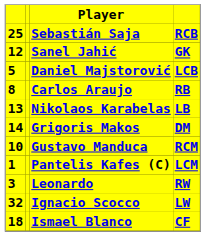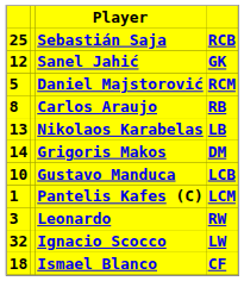 <table class="toccolours" border="0" cellpadding="2" cellspacing="0" align="center" style="margin: 0.5em 0 1em 1em; background: #000000; border: 1px #aaaaaa solid;">
 <tr bgcolor=#FFFF00>
 <th></th>
 <th></th>
 <th>Player</th>
 <th></th>
 </tr>
 <tr bgcolor=#FFFF00>
 <td><strong>25</strong></td>
 <td></td>
 <td><a href='#'><span><strong>Sebastián Saja</strong></span></a></td>
 <td><a href='#'><strong>RCB</strong></a></td>
 </tr>
 <tr bgcolor=#FFFF00>
 <td><strong>12</strong></td>
 <td></td>
 <td><a href='#'><span><strong>Sanel Jahić</strong></span></a></td>
 <td><a href='#'><strong>GK</strong></a></td>
 </tr>
 <tr bgcolor=#FFFF00>
 <td><strong>5</strong></td>
 <td></td>
 <td><a href='#'><span><strong>Daniel Majstorović</strong></span></a></td>
-<td><a href='#'><strong>LCB</strong></a></td>
+<td><a href='#'><strong>RCM</strong></a></td>
 </tr>
 <tr bgcolor=#FFFF00>
 <td><strong>8</strong></td>
 <td></td>
 <td><a href='#'><span><strong>Carlos Araujo</strong></span></a></td>
 <td><a href='#'><strong>RB</strong></a></td>
 </tr>
 <tr bgcolor=#FFFF00>
 <td><strong>13</strong></td>
 <td></td>
 <td><a href='#'><span><strong>Nikolaos Karabelas</strong></span></a></td>
 <td><a href='#'><strong>LB</strong></a></td>
 </tr>
 <tr bgcolor=#FFFF00>
 <td><strong>14</strong></td>
 <td></td>
 <td><a href='#'><span><strong>Grigoris Makos</strong></span></a></td>
 <td><a href='#'><strong>DM</strong></a></td>
 </tr>
 <tr bgcolor=#FFFF00>
 <td><strong>10</strong></td>
 <td></td>
 <td><a href='#'><span><strong>Gustavo Manduca</strong></span></a></td>
-<td><a href='#'><strong>RCM</strong></a></td>
+<td><a href='#'><strong>LCB</strong></a></td>
 </tr>
 <tr bgcolor=#FFFF00>
 <td><strong>1</strong></td>
 <td></td>
 <td><a href='#'><span><strong>Pantelis Kafes</strong></span></a> <strong>(C)</strong></td>
 <td><a href='#'><strong>LCM</strong></a></td>
 </tr>
 <tr bgcolor=#FFFF00>
 <td><strong>3</strong></td>
 <td></td>
 <td><a href='#'><span><strong>Leonardo</strong></span></a></td>
 <td><a href='#'><strong>RW</strong></a></td>
 </tr>
 <tr bgcolor=#FFFF00>
 <td><strong>32</strong></td>
 <td></td>
 <td><a href='#'><span><strong>Ignacio Scocco</strong></span></a></td>
 <td><a href='#'><strong>LW</strong></a></td>
 </tr>
 <tr bgcolor=#FFFF00>
 <td><strong>18</strong></td>
 <td></td>
 <td><a href='#'><span><strong>Ismael Blanco</strong></span></a></td>
 <td><a href='#'><strong>CF</strong></a></td>
 </tr>
 </table>
